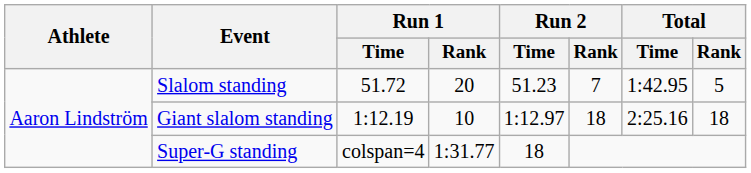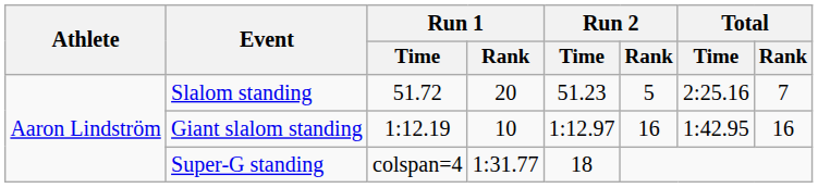 <table class="wikitable" style="font-size:90%">
 <tr>
 <th rowspan=2>Athlete</th>
 <th rowspan=2>Event</th>
 <th colspan=2>Run 1</th>
 <th colspan=2>Run 2</th>
 <th colspan=2>Total</th>
 </tr>
 <tr style="font-size:95%">
 <th>Time</th>
 <th>Rank</th>
 <th>Time</th>
 <th>Rank</th>
 <th>Time</th>
 <th>Rank</th>
 </tr>
 <tr align=center>
 <td align=left rowspan=3><a href='#'>Aaron Lindström</a></td>
 <td align=left><a href='#'>Slalom standing</a></td>
 <td>51.72</td>
 <td>20</td>
 <td>51.23</td>
+<td>5</td>
+<td>2:25.16</td>
 <td>7</td>
-<td>1:42.95</td>
-<td>5</td>
 </tr>
 <tr align=center>
 <td align=left><a href='#'>Giant slalom standing</a></td>
 <td>1:12.19</td>
 <td>10</td>
 <td>1:12.97</td>
-<td>18</td>
-<td>2:25.16</td>
-<td>18</td>
+<td>16</td>
+<td>1:42.95</td>
+<td>16</td>
 </tr>
 <tr align=center>
 <td align=left><a href='#'>Super-G standing</a></td>
 <td>colspan=4 </td>
 <td>1:31.77</td>
 <td>18</td>
 </tr>
 </table>
